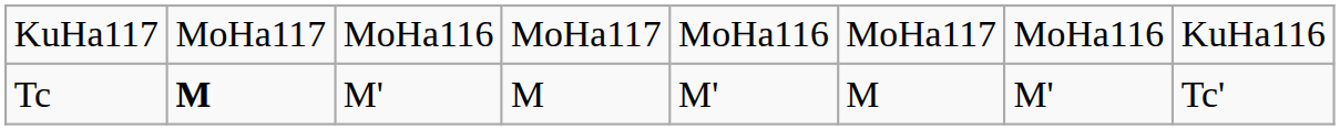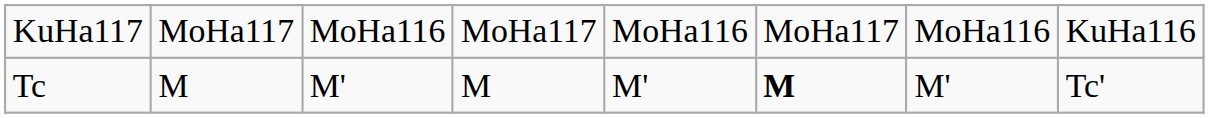 <table class="wikitable">
 <tr>
 <td>KuHa117</td>
 <td>MoHa117</td>
 <td>MoHa116</td>
 <td>MoHa117</td>
 <td>MoHa116</td>
 <td>MoHa117</td>
 <td>MoHa116</td>
 <td>KuHa116</td>
 </tr>
 <tr>
 <td>Tc</td>
-<td><strong>M</strong></td>
-<td>M'</td>
 <td>M</td>
 <td>M'</td>
 <td>M</td>
 <td>M'</td>
+<td><strong>M</strong></td>
+<td>M'</td>
 <td>Tc'</td>
 </tr>
 </table>
